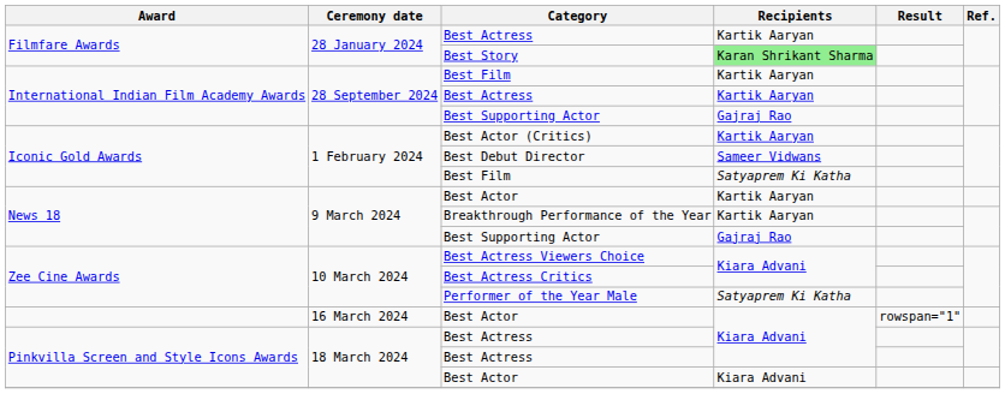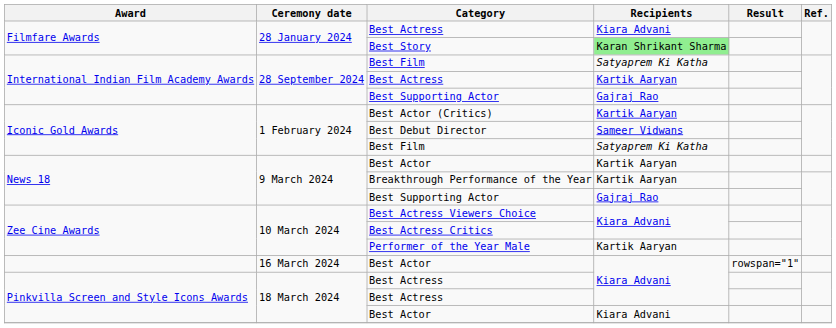 <table class="wikitable">
 <tr>
 <th>Award</th>
 <th>Ceremony date</th>
 <th>Category</th>
 <th>Recipients</th>
 <th>Result</th>
 <th>Ref.</th>
 </tr>
 <tr>
 <td rowspan="2"><a href='#'>Filmfare Awards</a></td>
 <td rowspan="2"><a href='#'>28 January 2024</a></td>
 <td><a href='#'>Best Actress</a></td>
-<td>Kartik Aaryan</td>
+<td><a href='#'>Kiara Advani</a></td>
 <td></td>
 <td rowspan="2"></td>
 </tr>
 <tr>
 <td><a href='#'>Best Story</a></td>
 <td style="background: lightgreen;">Karan Shrikant Sharma</td>
 <td></td>
 </tr>
 <tr>
 <td rowspan="3"><a href='#'>International Indian Film Academy Awards</a></td>
 <td rowspan="3"><a href='#'>28 September 2024</a></td>
 <td><a href='#'>Best Film</a></td>
-<td>Kartik Aaryan</td>
+<td><em>Satyaprem Ki Katha</em></td>
 <td></td>
 <td rowspan="3"><br><br></td>
 </tr>
 <tr>
 <td><a href='#'>Best Actress</a></td>
 <td><a href='#'>Kartik Aaryan</a></td>
 <td></td>
 </tr>
 <tr>
 <td><a href='#'>Best Supporting Actor</a></td>
 <td><a href='#'>Gajraj Rao</a></td>
 <td></td>
 </tr>
 <tr>
 <td rowspan="3"><a href='#'>Iconic Gold Awards</a></td>
 <td rowspan="3">1 February 2024</td>
 <td>Best Actor (Critics)</td>
 <td><a href='#'>Kartik Aaryan</a></td>
 <td></td>
 <td rowspan="3"></td>
 </tr>
 <tr>
 <td>Best Debut Director</td>
 <td><a href='#'>Sameer Vidwans</a></td>
 <td></td>
 </tr>
 <tr>
 <td>Best Film</td>
 <td><em>Satyaprem Ki Katha</em></td>
 <td></td>
 </tr>
 <tr>
 <td rowspan="3"><a href='#'>News 18</a> </td>
 <td rowspan="3">9 March 2024</td>
 <td>Best Actor </td>
 <td>Kartik Aaryan</td>
 <td></td>
 <td></td>
 </tr>
 <tr>
 <td>Breakthrough Performance of the Year </td>
 <td>Kartik Aaryan</td>
 <td></td>
 <td rowspan="2"></td>
 </tr>
 <tr>
 <td>Best Supporting Actor</td>
 <td><a href='#'>Gajraj Rao</a></td>
 <td></td>
 </tr>
 <tr>
 <td rowspan="3"><a href='#'>Zee Cine Awards</a></td>
 <td rowspan="3">10 March 2024</td>
 <td><a href='#'>Best Actress Viewers Choice</a></td>
 <td rowspan="2"><a href='#'>Kiara Advani</a></td>
 <td></td>
 <td rowspan="3"></td>
 </tr>
 <tr>
 <td><a href='#'>Best Actress Critics</a></td>
 <td></td>
 </tr>
 <tr>
 <td><a href='#'>Performer of the Year Male</a></td>
-<td><em>Satyaprem Ki Katha</em></td>
+<td>Kartik Aaryan</td>
 <td></td>
 </tr>
 <tr>
 <td rowspan="1"></td>
 <td rowspan="1">16 March 2024</td>
 <td>Best Actor </td>
 <td rowspan="3"><a href='#'>Kiara Advani</a></td>
 <td>rowspan="1" </td>
 <td></td>
 </tr>
 <tr>
 <td rowspan="3"><a href='#'>Pinkvilla Screen and Style Icons Awards</a></td>
 <td rowspan="3">18 March 2024</td>
 <td>Best Actress </td>
 <td></td>
 <td rowspan="2"></td>
 </tr>
 <tr>
 <td>Best Actress </td>
 <td></td>
 </tr>
 <tr>
 <td>Best Actor </td>
 <td>Kiara Advani</td>
 <td></td>
 <td></td>
 </tr>
 <tr>
 </tr>
 </table>
